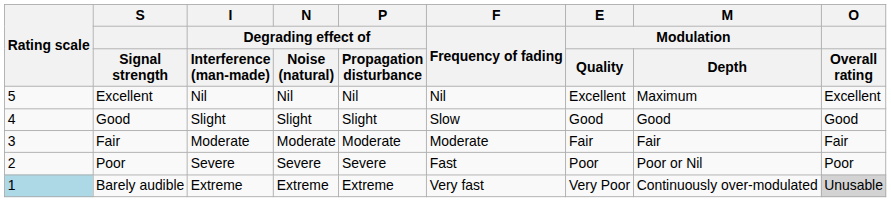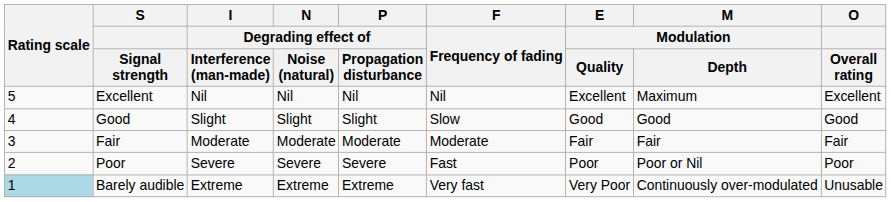 <table class="wikitable">
 <tr>
 <th rowspan="3">Rating scale</th>
 <th>S</th>
 <th>I</th>
 <th>N</th>
 <th>P</th>
 <th>F</th>
 <th>E</th>
 <th>M</th>
 <th>O</th>
 </tr>
 <tr>
 <th></th>
 <th colspan="3">Degrading effect of</th>
 <th rowspan="2">Frequency of fading</th>
 <th colspan="2">Modulation</th>
 <th></th>
 </tr>
 <tr>
 <th>Signal<br>strength</th>
 <th>Interference<br>(man-made)</th>
 <th>Noise<br>(natural)</th>
 <th>Propagation<br>disturbance</th>
 <th>Quality</th>
 <th>Depth</th>
 <th>Overall<br>rating</th>
 </tr>
 <tr>
 <td>5</td>
 <td>Excellent</td>
 <td>Nil</td>
 <td>Nil</td>
 <td>Nil</td>
 <td>Nil</td>
 <td>Excellent</td>
 <td>Maximum</td>
 <td>Excellent</td>
 </tr>
 <tr>
 <td>4</td>
 <td>Good</td>
 <td>Slight</td>
 <td>Slight</td>
 <td>Slight</td>
 <td>Slow</td>
 <td>Good</td>
 <td>Good</td>
 <td>Good</td>
 </tr>
 <tr>
 <td>3</td>
 <td>Fair</td>
 <td>Moderate</td>
 <td>Moderate</td>
 <td>Moderate</td>
 <td>Moderate</td>
 <td>Fair</td>
 <td>Fair</td>
 <td>Fair</td>
 </tr>
 <tr>
 <td>2</td>
 <td>Poor</td>
 <td>Severe</td>
 <td>Severe</td>
 <td>Severe</td>
 <td>Fast</td>
 <td>Poor</td>
 <td>Poor or Nil</td>
 <td>Poor</td>
 </tr>
 <tr>
 <td style="background: lightblue;">1</td>
 <td>Barely audible</td>
 <td>Extreme</td>
 <td>Extreme</td>
 <td>Extreme</td>
 <td>Very fast</td>
 <td>Very Poor</td>
 <td>Continuously over-modulated</td>
-<td style="background: lightgrey;">Unusable</td>
+<td>Unusable</td>
 </tr>
 </table>
